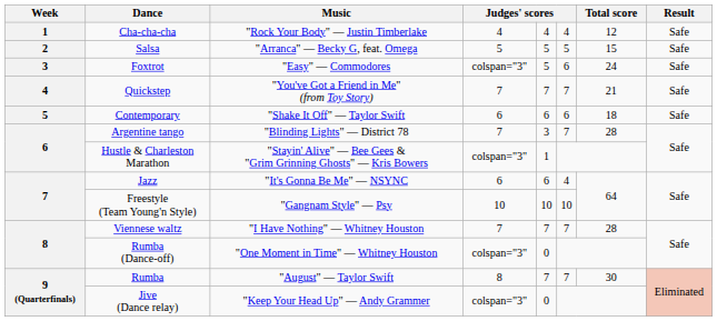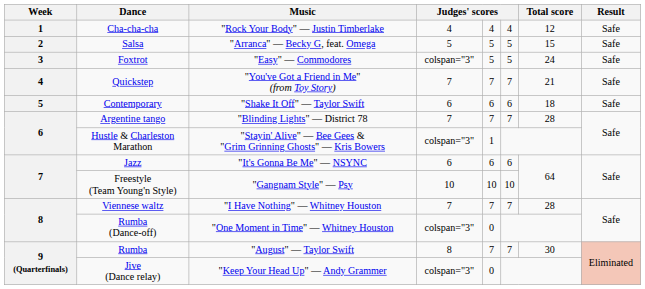 <table class="wikitable unsortable" style="text-align:center; width:80%">
 <tr>
 <th scope="col">Week</th>
 <th scope="col">Dance</th>
 <th scope="col">Music</th>
 <th scope="col" colspan="3">Judges' scores</th>
 <th scope="col">Total score</th>
 <th scope="col">Result</th>
 </tr>
 <tr>
 <th scope="row">1</th>
 <td><a href='#'>Cha-cha-cha</a></td>
 <td>"<a href='#'>Rock Your Body</a>" — <a href='#'>Justin Timberlake</a></td>
 <td>4</td>
 <td>4</td>
 <td>4</td>
 <td>12</td>
 <td>Safe</td>
 </tr>
 <tr>
 <th scope="row">2</th>
 <td><a href='#'>Salsa</a></td>
 <td>"<a href='#'>Arranca</a>" — <a href='#'>Becky G</a>, feat. <a href='#'>Omega</a></td>
 <td>5</td>
 <td>5</td>
 <td>5</td>
 <td>15</td>
 <td>Safe</td>
 </tr>
 <tr>
 <th scope="row">3</th>
 <td><a href='#'>Foxtrot</a></td>
 <td>"<a href='#'>Easy</a>" — <a href='#'>Commodores</a></td>
 <td>colspan="3" </td>
 <td>5</td>
-<td>6</td>
+<td>5</td>
 <td>24</td>
 <td>Safe</td>
 </tr>
 <tr>
 <th scope="row">4</th>
 <td><a href='#'>Quickstep</a></td>
 <td>"<a href='#'>You've Got a Friend in Me</a>"<br><em>(from <a href='#'>Toy Story</a>)</em></td>
 <td>7</td>
 <td>7</td>
 <td>7</td>
 <td>21</td>
 <td>Safe</td>
 </tr>
 <tr>
 <th scope="row">5</th>
 <td><a href='#'>Contemporary</a></td>
 <td>"<a href='#'>Shake It Off</a>" — <a href='#'>Taylor Swift</a></td>
 <td>6</td>
 <td>6</td>
 <td>6</td>
 <td>18</td>
 <td>Safe</td>
 </tr>
 <tr>
 <th scope="row" rowspan="2">6</th>
 <td><a href='#'>Argentine tango</a></td>
 <td>"<a href='#'>Blinding Lights</a>" — District 78</td>
 <td>7</td>
-<td>3</td>
+<td>7</td>
 <td>7</td>
 <td>28</td>
 <td rowspan="2">Safe</td>
 </tr>
 <tr>
 <td><a href='#'>Hustle</a> & <a href='#'>Charleston</a><br>Marathon</td>
 <td>"<a href='#'>Stayin' Alive</a>" — <a href='#'>Bee Gees</a> &<br>"<a href='#'>Grim Grinning Ghosts</a>" — <a href='#'>Kris Bowers</a></td>
 <td>colspan="3" </td>
 <td>1</td>
 </tr>
 <tr>
 <th scope="row" rowspan="2">7</th>
 <td><a href='#'>Jazz</a></td>
 <td>"<a href='#'>It's Gonna Be Me</a>" — <a href='#'>NSYNC</a></td>
 <td>6</td>
 <td>6</td>
-<td>4</td>
+<td>6</td>
 <td rowspan="2">64</td>
 <td rowspan="2">Safe</td>
 </tr>
 <tr>
 <td>Freestyle<br>(Team Young'n Style)</td>
 <td>"<a href='#'>Gangnam Style</a>" — <a href='#'>Psy</a></td>
 <td>10</td>
 <td>10</td>
 <td>10</td>
 </tr>
 <tr>
 <th scope="row" rowspan="2">8</th>
 <td><a href='#'>Viennese waltz</a></td>
 <td>"<a href='#'>I Have Nothing</a>" — <a href='#'>Whitney Houston</a></td>
 <td>7</td>
 <td>7</td>
 <td>7</td>
 <td>28</td>
 <td rowspan="2">Safe</td>
 </tr>
 <tr>
 <td><a href='#'>Rumba</a><br>(Dance-off)</td>
 <td>"<a href='#'>One Moment in Time</a>" — <a href='#'>Whitney Houston</a></td>
 <td>colspan="3" </td>
 <td>0</td>
 </tr>
 <tr>
 <th scope="row" rowspan="2">9<br><small>(Quarterfinals)</small></th>
 <td><a href='#'>Rumba</a></td>
 <td>"<a href='#'>August</a>" — <a href='#'>Taylor Swift</a></td>
 <td>8</td>
 <td>7</td>
 <td>7</td>
 <td>30</td>
 <td rowspan="2" bgcolor="f4c7b8">Eliminated</td>
 </tr>
 <tr>
 <td><a href='#'>Jive</a><br>(Dance relay)</td>
 <td>"<a href='#'>Keep Your Head Up</a>" — <a href='#'>Andy Grammer</a></td>
 <td>colspan="3" </td>
 <td>0</td>
 </tr>
 </table>
